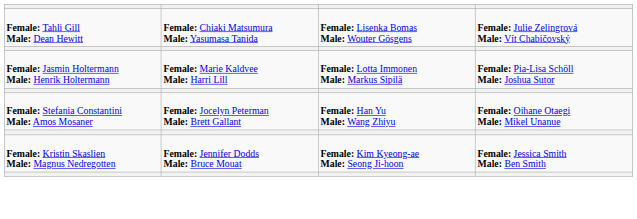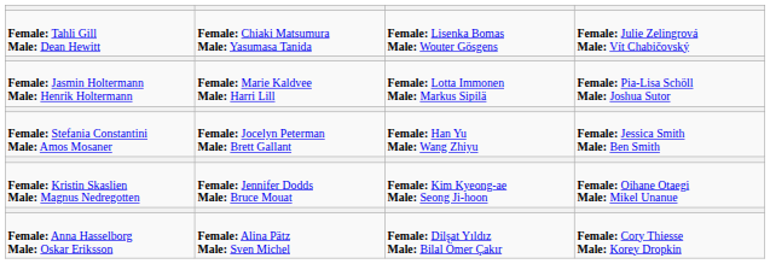 <table class="wikitable">
 <tr>
 <th width=250></th>
 <th width=250></th>
 <th width=250></th>
 <th width=250></th>
 </tr>
 <tr>
 <td><br><strong>Female:</strong> <a href='#'>Tahli Gill</a><br> <strong>Male:</strong> <a href='#'>Dean Hewitt</a></td>
 <td><br><strong>Female:</strong> <a href='#'>Chiaki Matsumura</a><br> <strong>Male:</strong> <a href='#'>Yasumasa Tanida</a></td>
 <td><br><strong>Female:</strong> <a href='#'>Lisenka Bomas</a><br> <strong>Male:</strong> <a href='#'>Wouter Gösgens</a></td>
 <td><br><strong>Female:</strong> <a href='#'>Julie Zelingrová</a><br> <strong>Male:</strong> <a href='#'>Vít Chabičovský</a></td>
 </tr>
 <tr>
 <th width=250></th>
 <th width=250></th>
 <th width=250></th>
 <th width=250></th>
 </tr>
 <tr>
 <td><br><strong>Female:</strong> <a href='#'>Jasmin Holtermann</a><br> <strong>Male:</strong> <a href='#'>Henrik Holtermann</a></td>
 <td><br><strong>Female:</strong> <a href='#'>Marie Kaldvee</a><br> <strong>Male:</strong> <a href='#'>Harri Lill</a></td>
 <td><br><strong>Female:</strong> <a href='#'>Lotta Immonen</a><br> <strong>Male:</strong> <a href='#'>Markus Sipilä</a></td>
 <td><br><strong>Female:</strong> <a href='#'>Pia-Lisa Schöll</a><br> <strong>Male:</strong> <a href='#'>Joshua Sutor</a></td>
 </tr>
 <tr>
 <th width=250></th>
 <th width=250></th>
 <th width=250></th>
 <th width=250></th>
 </tr>
 <tr>
 <td><br><strong>Female:</strong> <a href='#'>Stefania Constantini</a><br> <strong>Male:</strong> <a href='#'>Amos Mosaner</a></td>
 <td><br><strong>Female:</strong> <a href='#'>Jocelyn Peterman</a><br> <strong>Male:</strong> <a href='#'>Brett Gallant</a></td>
 <td><br><strong>Female:</strong> <a href='#'>Han Yu</a><br> <strong>Male:</strong> <a href='#'>Wang Zhiyu</a></td>
-<td><br><strong>Female:</strong> <a href='#'>Oihane Otaegi</a><br> <strong>Male:</strong> <a href='#'>Mikel Unanue</a></td>
+<td><br><strong>Female:</strong> <a href='#'>Jessica Smith</a><br> <strong>Male:</strong> <a href='#'>Ben Smith</a></td>
 </tr>
 <tr>
 <th width=250></th>
 <th width=250></th>
 <th width=250></th>
 <th width=250></th>
 </tr>
 <tr>
 <td><br><strong>Female:</strong> <a href='#'>Kristin Skaslien</a><br> <strong>Male:</strong> <a href='#'>Magnus Nedregotten</a></td>
 <td><br><strong>Female:</strong> <a href='#'>Jennifer Dodds</a><br> <strong>Male:</strong> <a href='#'>Bruce Mouat</a></td>
 <td><br><strong>Female:</strong> <a href='#'>Kim Kyeong-ae</a><br> <strong>Male:</strong> <a href='#'>Seong Ji-hoon</a></td>
-<td><br><strong>Female:</strong> <a href='#'>Jessica Smith</a><br> <strong>Male:</strong> <a href='#'>Ben Smith</a></td>
+<td><br><strong>Female:</strong> <a href='#'>Oihane Otaegi</a><br> <strong>Male:</strong> <a href='#'>Mikel Unanue</a></td>
 </tr>
 <tr>
 <th width=250></th>
 <th width=250></th>
 <th width=250></th>
 <th width=250></th>
 </tr>
+<tr>
+<td><br><strong>Female:</strong> <a href='#'>Anna Hasselborg</a><br> <strong>Male:</strong> <a href='#'>Oskar Eriksson</a></td>
+<td><br><strong>Female:</strong> <a href='#'>Alina Pätz</a><br> <strong>Male:</strong> <a href='#'>Sven Michel</a></td>
+<td><br><strong>Female:</strong> <a href='#'>Dilşat Yıldız</a><br> <strong>Male:</strong> <a href='#'>Bilal Ömer Çakır</a></td>
+<td><br><strong>Female:</strong> <a href='#'>Cory Thiesse</a><br> <strong>Male:</strong> <a href='#'>Korey Dropkin</a></td>
+</tr>
 </table>
